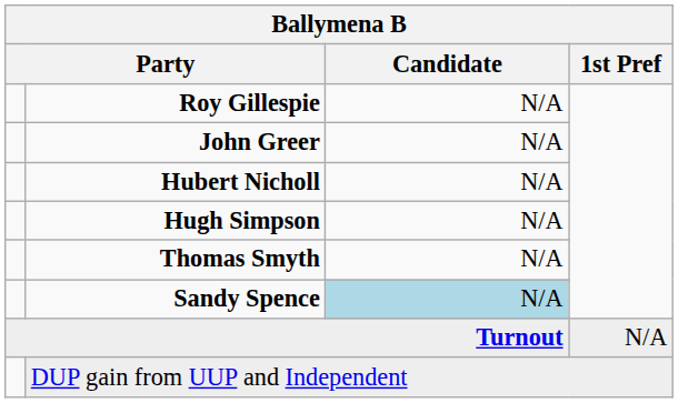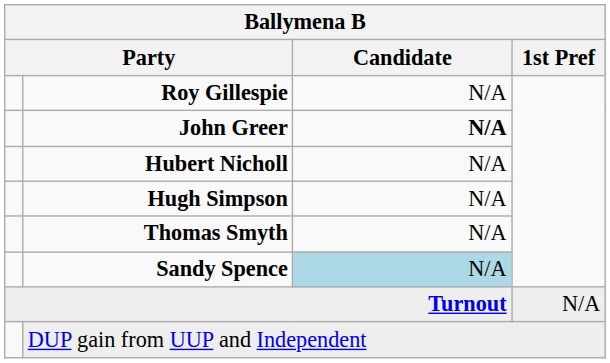 <table class="wikitable">
 <tr>
 <th colspan="4" align="center">Ballymena B</th>
 </tr>
 <tr>
 <th colspan="2" align="center" width=200>Party</th>
 <th width=150>Candidate</th>
 <th width=60>1st Pref</th>
 </tr>
 <tr>
 <td></td>
 <td align="right"><strong>Roy Gillespie</strong></td>
 <td align="right">N/A</td>
 </tr>
 <tr>
 <td></td>
 <td align="right"><strong>John Greer</strong></td>
-<td align="right">N/A</td>
+<td align="right"><strong>N/A</strong></td>
 </tr>
 <tr>
 <td></td>
 <td align="right"><strong>Hubert Nicholl</strong></td>
 <td align="right">N/A</td>
 </tr>
 <tr>
 <td></td>
 <td align="right"><strong>Hugh Simpson</strong></td>
 <td align="right">N/A</td>
 </tr>
 <tr>
 <td></td>
 <td align="right"><strong>Thomas Smyth</strong></td>
 <td align="right">N/A</td>
 </tr>
 <tr>
 <td></td>
 <td align="right"><strong>Sandy Spence</strong></td>
 <td align="right" style="background: lightblue;">N/A</td>
 </tr>
 <tr bgcolor="EEEEEE">
 <td colspan=3 align="right"><strong><a href='#'>Turnout</a></strong></td>
 <td align="right">N/A</td>
 </tr>
 <tr>
 <td bgcolor=></td>
 <td colspan=3 bgcolor="EEEEEE"><a href='#'>DUP</a> gain from <a href='#'>UUP</a> and <a href='#'>Independent</a></td>
 </tr>
 </table>
